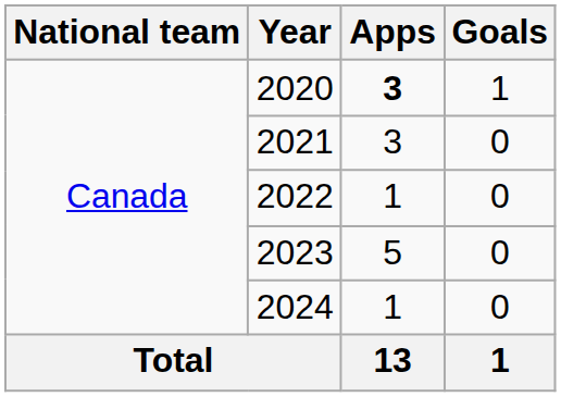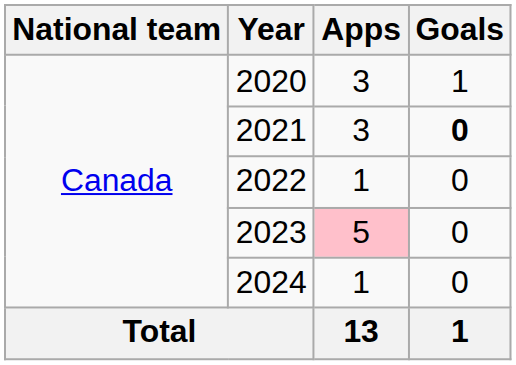 <table class="wikitable" style="text-align:center">
 <tr>
 <th>National team</th>
 <th>Year</th>
 <th>Apps</th>
 <th>Goals</th>
 </tr>
 <tr>
 <td rowspan="5"><a href='#'>Canada</a></td>
 <td>2020</td>
-<td><strong>3</strong></td>
+<td>3</td>
 <td>1</td>
 </tr>
 <tr>
 <td>2021</td>
 <td>3</td>
-<td>0</td>
+<td><strong>0</strong></td>
 </tr>
 <tr>
 <td>2022</td>
 <td>1</td>
 <td>0</td>
 </tr>
 <tr>
 <td>2023</td>
-<td>5</td>
+<td style="background: pink;">5</td>
 <td>0</td>
 </tr>
 <tr>
 <td>2024</td>
 <td>1</td>
 <td>0</td>
 </tr>
 <tr>
 <th colspan="2">Total</th>
 <th>13</th>
 <th>1</th>
 </tr>
 </table>
